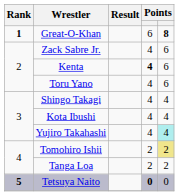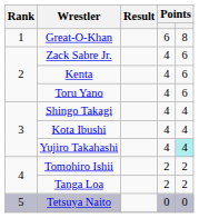 <table class="wikitable mw-collapsible mw-collapsed" plainrowheaders sortable" style="text-align: center">
 <tr>
 <th scope="col" rowspan="2">Rank</th>
 <th scope="col" rowspan="2">Wrestler</th>
 <th scope="col" rowspan="2">Result</th>
 <th scope="col" colspan="2">Points</th>
 </tr>
 <tr>
 <th></th>
 <th></th>
 </tr>
 <tr>
-<td rowspan="1"><strong>1</strong></td>
+<td rowspan="1">1</td>
 <td><a href='#'>Great-O-Khan</a></td>
 <td></td>
 <td>6</td>
-<td><strong>8</strong></td>
+<td>8</td>
 </tr>
 <tr>
 <td rowspan="3">2</td>
 <td><a href='#'>Zack Sabre Jr.</a></td>
 <td></td>
 <td>4</td>
 <td>6</td>
 </tr>
 <tr>
 <td><a href='#'>Kenta</a></td>
 <td></td>
-<td><strong>4</strong></td>
+<td>4</td>
 <td>6</td>
 </tr>
 <tr>
 <td><a href='#'>Toru Yano</a></td>
 <td></td>
 <td>4</td>
 <td>6</td>
 </tr>
 <tr>
 <td rowspan="3">3</td>
 <td><a href='#'>Shingo Takagi</a></td>
 <td></td>
 <td>4</td>
 <td>4</td>
 </tr>
 <tr>
 <td><a href='#'>Kota Ibushi</a></td>
 <td></td>
 <td>4</td>
 <td>4</td>
 </tr>
 <tr>
 <td><a href='#'>Yujiro Takahashi</a></td>
 <td></td>
 <td>4</td>
 <td style="background: paleturquoise;">4</td>
 </tr>
 <tr>
 <td rowspan="2">4</td>
 <td><a href='#'>Tomohiro Ishii</a></td>
 <td></td>
 <td>2</td>
-<td style="background: khaki;">2</td>
+<td>2</td>
 </tr>
 <tr>
 <td><a href='#'>Tanga Loa</a></td>
 <td></td>
 <td>2</td>
 <td>2</td>
 </tr>
 <tr>
-<td style="background: #BBBBCC;"><strong>5</strong></td>
+<td style="background: #BBBBCC;">5</td>
 <td style="background: #BBBBCC;"><a href='#'>Tetsuya Naito</a></td>
 <td></td>
-<td style="background: #BBBBCC;"><strong>0</strong></td>
+<td style="background: #BBBBCC;">0</td>
 <td style="background: #BBBBCC;">0</td>
 </tr>
 <tr>
 </tr>
 </table>
